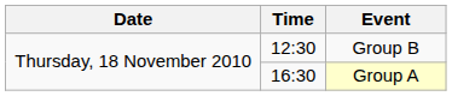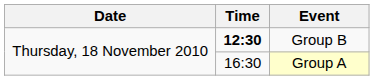 <table class = "wikitable" style="text-align:center;">
 <tr>
 <th width=220>Date</th>
 <th width=50>Time</th>
 <th width=100>Event</th>
 </tr>
 <tr>
 <td rowspan=2>Thursday, 18 November 2010</td>
-<td>12:30</td>
+<td><strong>12:30</strong></td>
 <td>Group B</td>
 </tr>
 <tr>
 <td>16:30</td>
 <td bgcolor=ffffcc>Group A</td>
 </tr>
 </table>
